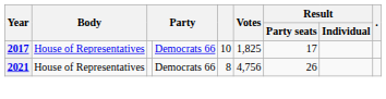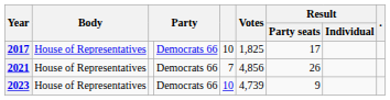 <table class="wikitable plainrowheaders sortable" border=2 cellpadding=4 cellspacing=0 style="border: 1px #aaa solid; font-size: 90%; text-align:center;">
 <tr>
 <th scope="col" rowspan=2>Year</th>
 <th scope="col" rowspan=2>Body</th>
 <th scope="col" colspan=2 rowspan=2>Party</th>
 <th scope="col" rowspan=2></th>
 <th scope="col" rowspan=2>Votes</th>
 <th scope="colgroup" colspan=2>Result</th>
 <th scope="col" rowspan=2 class="unsortable">.</th>
 </tr>
 <tr>
 <th scope="col">Party seats</th>
 <th scope="col">Individual</th>
 </tr>
 <tr>
 <th scope="row"><a href='#'>2017</a></th>
 <td><a href='#'>House of Representatives</a></td>
 <td style="background-color:"></td>
 <td><a href='#'>Democrats 66</a></td>
 <td style=text-align:right>10</td>
 <td style=text-align:right>1,825</td>
 <td style=text-align:right>17</td>
 <td></td>
 <td></td>
 </tr>
 <tr>
 <th scope="row"><a href='#'>2021</a></th>
 <td>House of Representatives</td>
 <td style="background-color:"></td>
 <td>Democrats 66</td>
-<td style=text-align:right>8</td>
-<td style=text-align:right>4,756</td>
+<td style=text-align:right>7</td>
+<td style=text-align:right>4,856</td>
 <td style=text-align:right>26</td>
 <td></td>
 <td></td>
 </tr>
+<tr>
+<th scope="row"><a href='#'>2023</a></th>
+<td>House of Representatives</td>
+<td style="background-color:"></td>
+<td>Democrats 66</td>
+<td style=text-align:right><a href='#'>10</a></td>
+<td style=text-align:right>4,739</td>
+<td style=text-align:right>9</td>
+<td></td>
+<td></td>
+</tr>
 </table>
